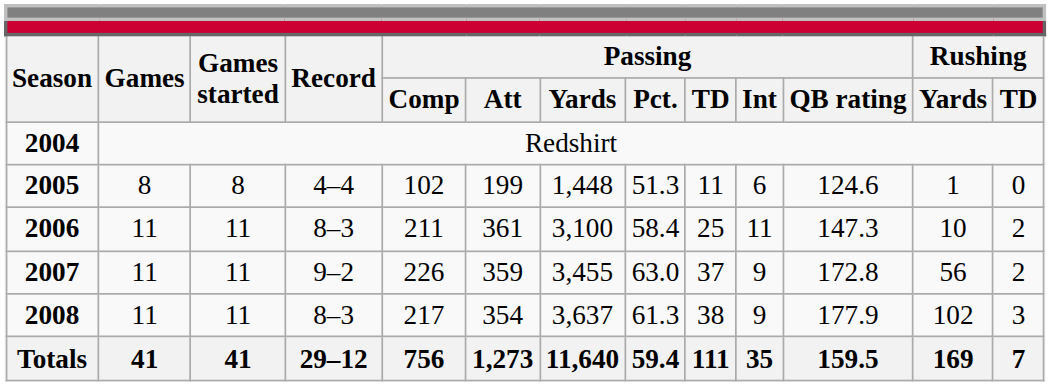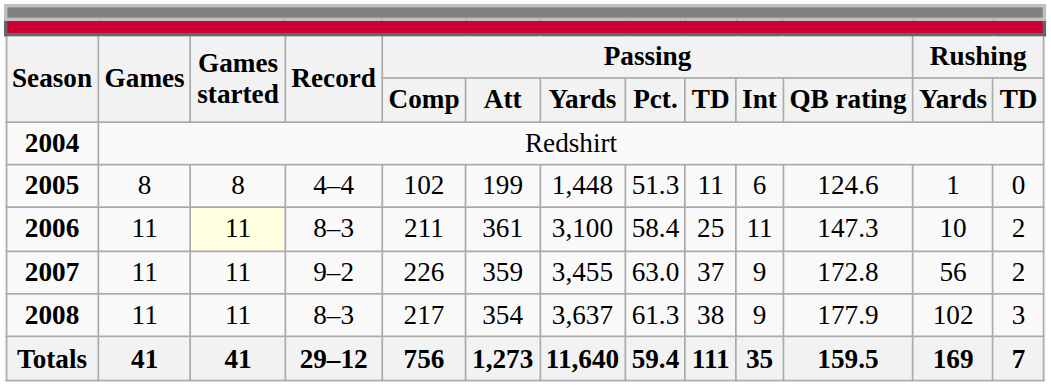 <table class=wikitable style="text-align:center;">
 <tr>
 <td ! colspan="13" style="background:gray; border:2px solid silver; color:white;"></td>
 </tr>
 <tr>
 <td ! colspan="13" style="background: #CC0033; border: 2px solid #666666; color:#FFFFFF;"></td>
 </tr>
 <tr>
 <th rowspan=2>Season</th>
 <th rowspan=2>Games</th>
 <th rowspan=2>Games<br>started</th>
 <th rowspan=2>Record</th>
 <th colspan=7>Passing</th>
 <th colspan=2>Rushing</th>
 </tr>
 <tr>
 <th>Comp</th>
 <th>Att</th>
 <th>Yards</th>
 <th>Pct.</th>
 <th>TD</th>
 <th>Int</th>
 <th>QB rating</th>
 <th>Yards</th>
 <th>TD</th>
 </tr>
 <tr>
 <td><strong>2004</strong></td>
 <td colspan=12 style="text-align:center;">Redshirt</td>
 </tr>
 <tr>
 <td><strong>2005</strong></td>
 <td>8</td>
 <td>8</td>
 <td>4–4</td>
 <td>102</td>
 <td>199</td>
 <td>1,448</td>
 <td>51.3</td>
 <td>11</td>
 <td>6</td>
 <td>124.6</td>
 <td>1</td>
 <td>0</td>
 </tr>
 <tr>
 <td><strong>2006</strong></td>
 <td>11</td>
-<td>11</td>
+<td style="background: lightyellow;">11</td>
 <td>8–3</td>
 <td>211</td>
 <td>361</td>
 <td>3,100</td>
 <td>58.4</td>
 <td>25</td>
 <td>11</td>
 <td>147.3</td>
 <td>10</td>
 <td>2</td>
 </tr>
 <tr>
 <td><strong>2007</strong></td>
 <td>11</td>
 <td>11</td>
 <td>9–2</td>
 <td>226</td>
 <td>359</td>
 <td>3,455</td>
 <td>63.0</td>
 <td>37</td>
 <td>9</td>
 <td>172.8</td>
 <td>56</td>
 <td>2</td>
 </tr>
 <tr>
 <td><strong>2008</strong></td>
 <td>11</td>
 <td>11</td>
 <td>8–3</td>
 <td>217</td>
 <td>354</td>
 <td>3,637</td>
 <td>61.3</td>
 <td>38</td>
 <td>9</td>
 <td>177.9</td>
 <td>102</td>
 <td>3</td>
 </tr>
 <tr>
 <th>Totals</th>
 <th>41</th>
 <th>41</th>
 <th>29–12</th>
 <th>756</th>
 <th>1,273</th>
 <th>11,640</th>
 <th>59.4</th>
 <th>111</th>
 <th>35</th>
 <th>159.5</th>
 <th>169</th>
 <th>7</th>
 </tr>
 </table>
